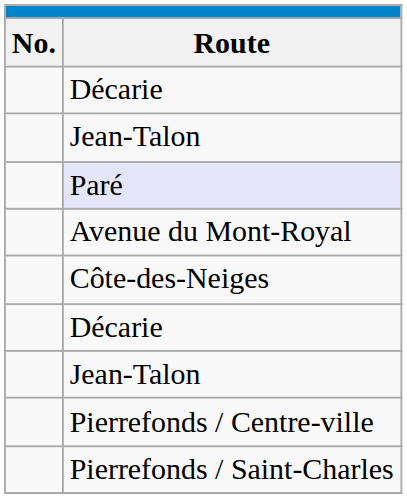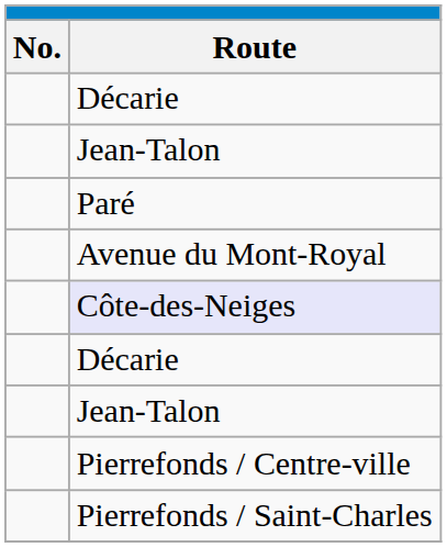 <table align=center class="wikitable">
 <tr>
 <th style="background: #0085CA; font-size:100%; color:#FFFFFF;"colspan="4"><a href='#'></a></th>
 </tr>
 <tr>
 <th>No.</th>
 <th>Route</th>
 </tr>
 <tr>
 <td></td>
 <td>Décarie</td>
 </tr>
 <tr>
 <td></td>
 <td>Jean-Talon</td>
 </tr>
 <tr>
 <td></td>
-<td style="background: lavender;">Paré</td>
+<td>Paré</td>
 </tr>
 <tr>
 <td {{Avoid wrap> </td>
 <td>Avenue du Mont-Royal</td>
 </tr>
 <tr>
 <td {{Avoid wrap> </td>
-<td>Côte-des-Neiges</td>
+<td style="background: lavender;">Côte-des-Neiges</td>
 </tr>
 <tr>
 <td {{Avoid wrap> </td>
 <td>Décarie</td>
 </tr>
 <tr>
 <td {{Avoid wrap> </td>
 <td>Jean-Talon</td>
 </tr>
 <tr>
 <td {{Avoid wrap> </td>
 <td>Pierrefonds / Centre-ville</td>
 </tr>
 <tr>
 <td {{Avoid wrap> </td>
 <td>Pierrefonds / Saint-Charles</td>
 </tr>
 <tr>
 </tr>
 </table>
